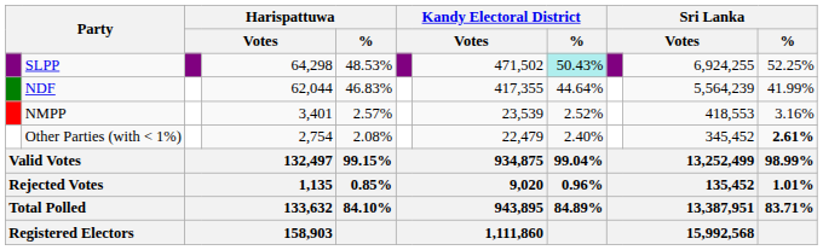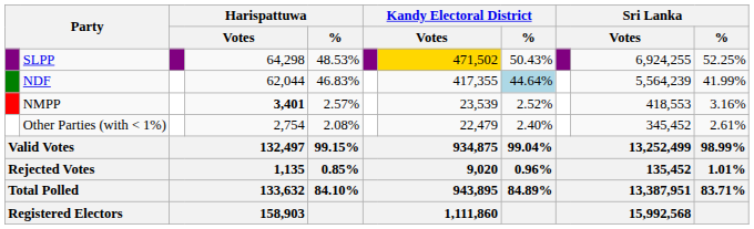 <table class="wikitable">
 <tr>
 <th colspan="2" width="144px"rowspan="2">Party</th>
 <th colspan="3" width="216px">Harispattuwa</th>
 <th colspan="3" width="216px"><a href='#'>Kandy Electoral District</a></th>
 <th colspan="3" width="216px">Sri Lanka</th>
 </tr>
 <tr>
 <th colspan="2" width="144px">Votes</th>
 <th>%</th>
 <th colspan="2" width="144px">Votes</th>
 <th>%</th>
 <th colspan="2" width="144px">Votes</th>
 <th>%</th>
 </tr>
 <tr>
 <td style="background-color:purple;" width="10px"></td>
 <td style="text-align:left;"><a href='#'>SLPP</a></td>
 <td style="background-color:purple;" width="10px"></td>
 <td style="text-align:right;">64,298</td>
 <td style="text-align:right;">48.53%</td>
 <td style="background-color:purple;" width="10px"></td>
-<td style="text-align:right;">471,502</td>
-<td style="background: paleturquoise; text-align:right;">50.43%</td>
+<td style="background: gold; text-align:right;">471,502</td>
+<td style="text-align:right;">50.43%</td>
 <td style="background-color:purple;" width="10px"></td>
 <td style="text-align:right;">6,924,255</td>
 <td style="text-align:right;">52.25%</td>
 </tr>
 <tr>
 <td style="background-color:green;" width="10px"></td>
 <td style="text-align:left;"><a href='#'>NDF</a></td>
 <td style="background-color:white;" width="10px"></td>
 <td style="text-align:right;">62,044</td>
 <td style="text-align:right;">46.83%</td>
 <td style="background-color:white;" width="10px"></td>
 <td style="text-align:right;">417,355</td>
-<td style="text-align:right;">44.64%</td>
+<td style="background: lightblue; text-align:right;">44.64%</td>
 <td style="background-color:white;" width="10px"></td>
 <td style="text-align:right;">5,564,239</td>
 <td style="text-align:right;">41.99%</td>
 </tr>
 <tr>
 <td style="background-color:red;" width="10px"></td>
 <td style="text-align:left;">NMPP</td>
 <td style="background-color:white;" width="10px"></td>
-<td style="text-align:right;">3,401</td>
+<td style="text-align:right;"><strong>3,401</strong></td>
 <td style="text-align:right;">2.57%</td>
 <td style="background-color:white;" width="10px"></td>
 <td style="text-align:right;">23,539</td>
 <td style="text-align:right;">2.52%</td>
 <td style="background-color:white;" width="10px"></td>
 <td style="text-align:right;">418,553</td>
 <td style="text-align:right;">3.16%</td>
 </tr>
 <tr>
 <td style="background-color:white;" width="10px"></td>
 <td style="text-align:left;">Other Parties (with < 1%)</td>
 <td style="background-color:white;" width="10px"></td>
 <td style="text-align:right;">2,754</td>
 <td style="text-align:right;">2.08%</td>
 <td style="background-color:white;" width="10px"></td>
 <td style="text-align:right;">22,479</td>
 <td style="text-align:right;">2.40%</td>
 <td style="background-color:white;" width="10px"></td>
 <td style="text-align:right;">345,452</td>
-<td style="text-align:right;"><strong>2.61%</strong></td>
+<td style="text-align:right;">2.61%</td>
 </tr>
 <tr>
 <th colspan="2" width="144px"style="text-align:left;">Valid Votes</th>
 <th style="text-align:right;"colspan="2" width="144px">132,497</th>
 <th style="text-align:right;">99.15%</th>
 <th style="text-align:right;"colspan="2" width="144px">934,875</th>
 <th style="text-align:right;">99.04%</th>
 <th style="text-align:right;"colspan="2" width="144px">13,252,499</th>
 <th style="text-align:right;">98.99%</th>
 </tr>
 <tr>
 <th colspan="2" width="144px"style="text-align:left;">Rejected Votes</th>
 <th style="text-align:right;"colspan="2" width="144px">1,135</th>
 <th style="text-align:right;">0.85%</th>
 <th style="text-align:right;"colspan="2" width="144px">9,020</th>
 <th style="text-align:right;">0.96%</th>
 <th style="text-align:right;"colspan="2" width="144px">135,452</th>
 <th style="text-align:right;">1.01%</th>
 </tr>
 <tr>
 <th colspan="2" width="144px"style="text-align:left;">Total Polled</th>
 <th style="text-align:right;"colspan="2" width="144px">133,632</th>
 <th style="text-align:right;">84.10%</th>
 <th style="text-align:right;"colspan="2" width="144px">943,895</th>
 <th style="text-align:right;">84.89%</th>
 <th style="text-align:right;"colspan="2" width="144px">13,387,951</th>
 <th style="text-align:right;">83.71%</th>
 </tr>
 <tr>
 <th colspan="2" width="144px"style="text-align:left;">Registered Electors</th>
 <th style="text-align:right;"colspan="2" width="144px">158,903</th>
 <th></th>
 <th style="text-align:right;"colspan="2" width="144px">1,111,860</th>
 <th></th>
 <th style="text-align:right;"colspan="2" width="144px">15,992,568</th>
 <th></th>
 </tr>
 </table>
